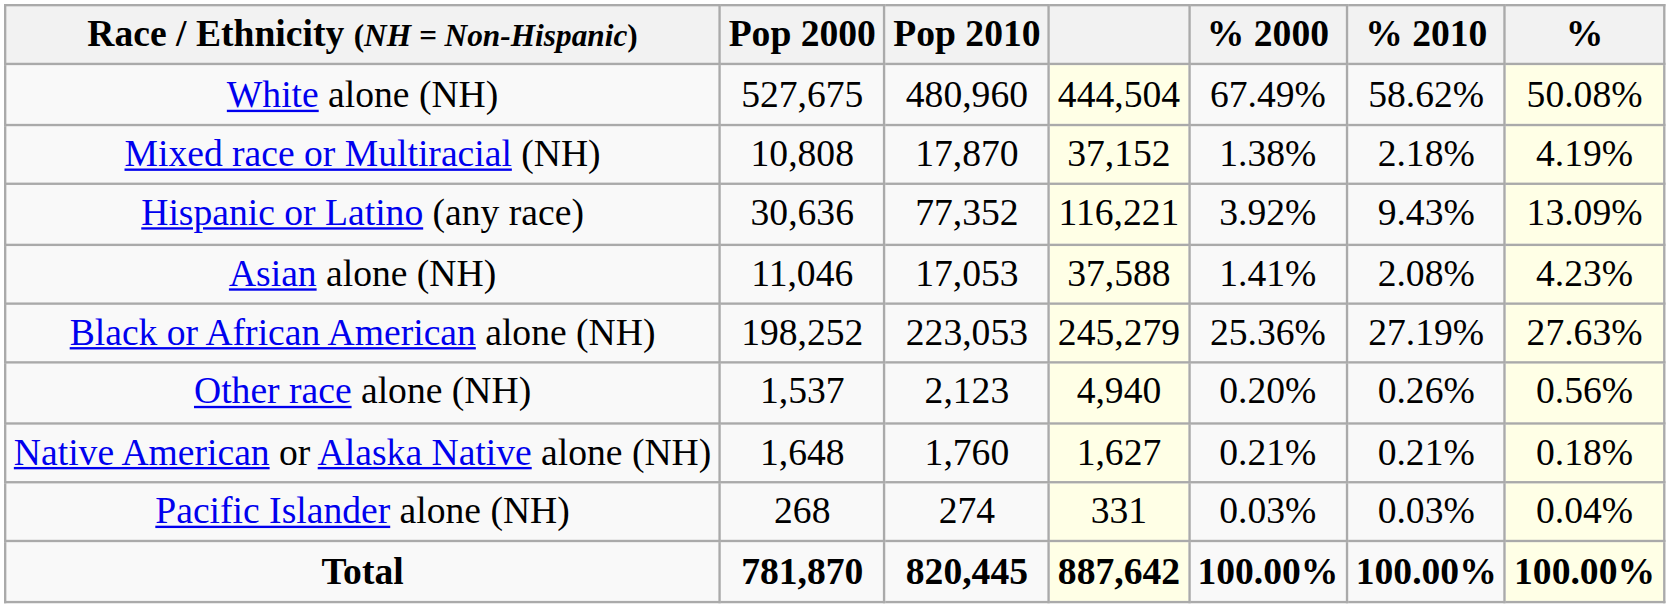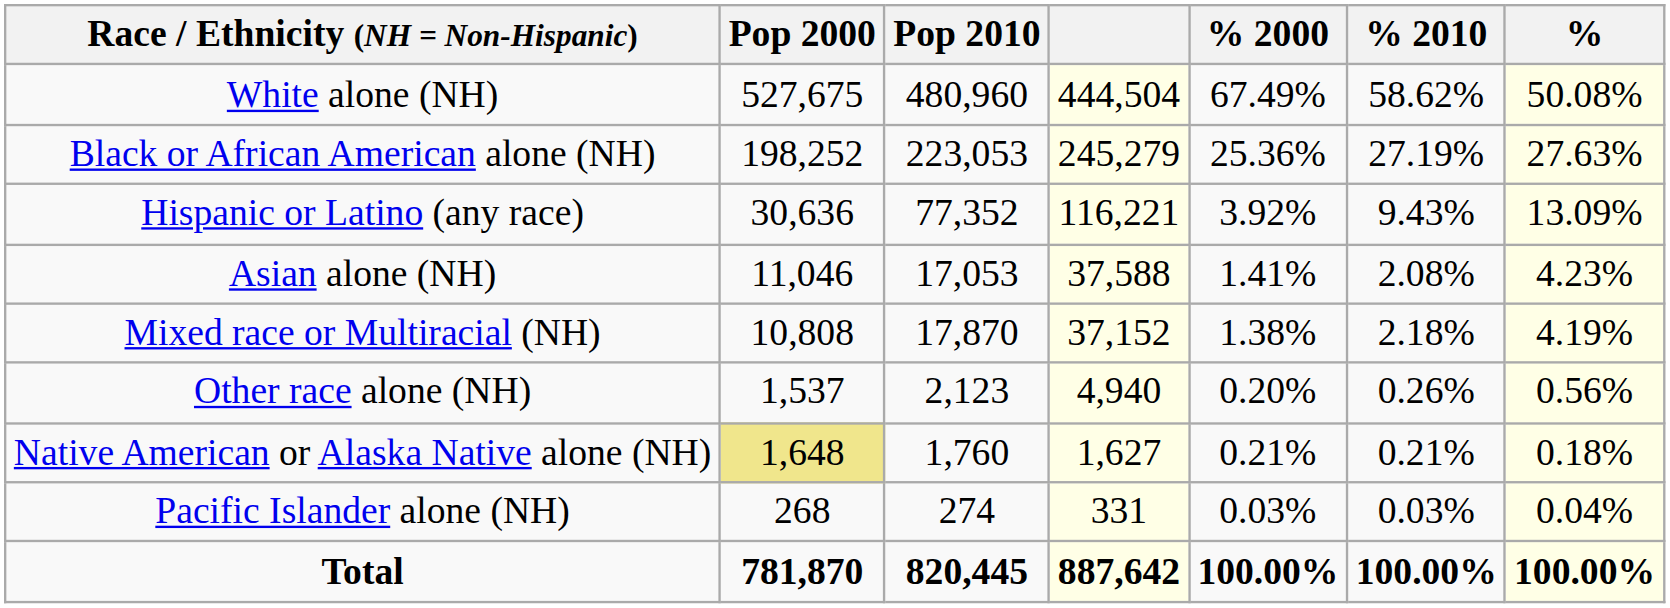 <table class="wikitable" style="text-align:center;">
 <tr>
 <th>Race / Ethnicity <small>(<em>NH = Non-Hispanic</em>)</small></th>
 <th>Pop 2000</th>
 <th>Pop 2010</th>
 <th></th>
 <th>% 2000</th>
 <th>% 2010</th>
 <th>% </th>
 </tr>
 <tr>
 <td><a href='#'>White</a> alone (NH)</td>
 <td>527,675</td>
 <td>480,960</td>
 <td style='background: #ffffe6;'>444,504</td>
 <td>67.49%</td>
 <td>58.62%</td>
 <td style='background: #ffffe6;'>50.08%</td>
 </tr>
 <tr>
-<td><a href='#'>Mixed race or Multiracial</a> (NH)</td>
-<td>10,808</td>
-<td>17,870</td>
-<td style='background: #ffffe6;'>37,152</td>
-<td>1.38%</td>
-<td>2.18%</td>
-<td style='background: #ffffe6;'>4.19%</td>
+<td><a href='#'>Black or African American</a> alone (NH)</td>
+<td>198,252</td>
+<td>223,053</td>
+<td style='background: #ffffe6;'>245,279</td>
+<td>25.36%</td>
+<td>27.19%</td>
+<td style='background: #ffffe6;'>27.63%</td>
 </tr>
 <tr>
 <td><a href='#'>Hispanic or Latino</a> (any race)</td>
 <td>30,636</td>
 <td>77,352</td>
 <td style='background: #ffffe6;'>116,221</td>
 <td>3.92%</td>
 <td>9.43%</td>
 <td style='background: #ffffe6;'>13.09%</td>
 </tr>
 <tr>
 <td><a href='#'>Asian</a> alone (NH)</td>
 <td>11,046</td>
 <td>17,053</td>
 <td style='background: #ffffe6;'>37,588</td>
 <td>1.41%</td>
 <td>2.08%</td>
 <td style='background: #ffffe6;'>4.23%</td>
 </tr>
 <tr>
-<td><a href='#'>Black or African American</a> alone (NH)</td>
-<td>198,252</td>
-<td>223,053</td>
-<td style='background: #ffffe6;'>245,279</td>
-<td>25.36%</td>
-<td>27.19%</td>
-<td style='background: #ffffe6;'>27.63%</td>
+<td><a href='#'>Mixed race or Multiracial</a> (NH)</td>
+<td>10,808</td>
+<td>17,870</td>
+<td style='background: #ffffe6;'>37,152</td>
+<td>1.38%</td>
+<td>2.18%</td>
+<td style='background: #ffffe6;'>4.19%</td>
 </tr>
 <tr>
 <td><a href='#'>Other race</a> alone (NH)</td>
 <td>1,537</td>
 <td>2,123</td>
 <td style='background: #ffffe6;'>4,940</td>
 <td>0.20%</td>
 <td>0.26%</td>
 <td style='background: #ffffe6;'>0.56%</td>
 </tr>
 <tr>
 <td><a href='#'>Native American</a> or <a href='#'>Alaska Native</a> alone (NH)</td>
-<td>1,648</td>
+<td style="background: khaki;">1,648</td>
 <td>1,760</td>
 <td style='background: #ffffe6;'>1,627</td>
 <td>0.21%</td>
 <td>0.21%</td>
 <td style='background: #ffffe6;'>0.18%</td>
 </tr>
 <tr>
 <td><a href='#'>Pacific Islander</a> alone (NH)</td>
 <td>268</td>
 <td>274</td>
 <td style='background: #ffffe6;'>331</td>
 <td>0.03%</td>
 <td>0.03%</td>
 <td style='background: #ffffe6;'>0.04%</td>
 </tr>
 <tr>
 <td><strong>Total</strong></td>
 <td><strong>781,870</strong></td>
 <td><strong>820,445</strong></td>
 <td style='background: #ffffe6;'><strong>887,642</strong></td>
 <td><strong>100.00%</strong></td>
 <td><strong>100.00%</strong></td>
 <td style='background: #ffffe6;'><strong>100.00%</strong></td>
 </tr>
 </table>
